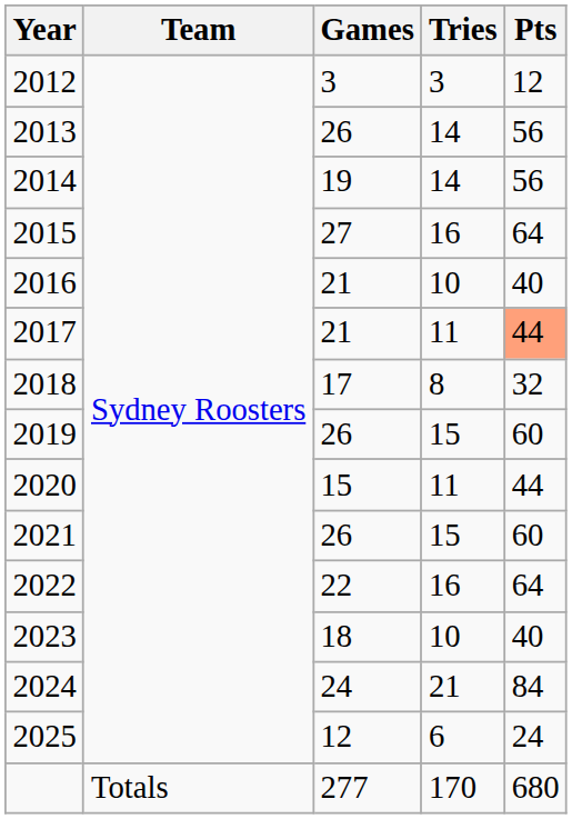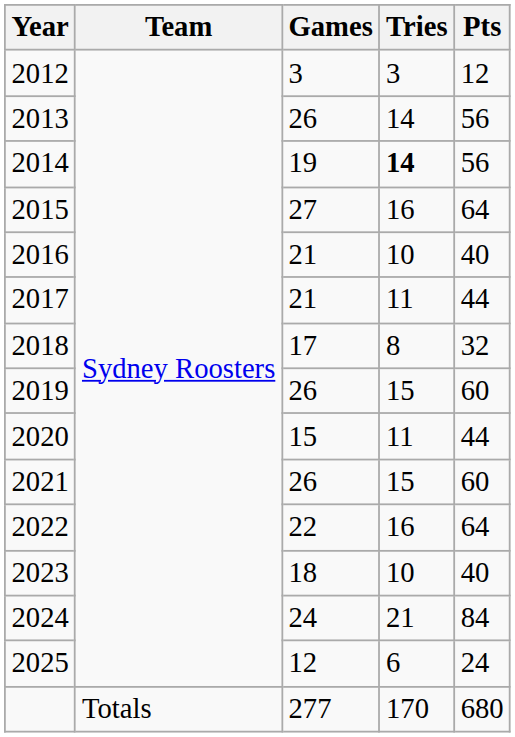 <table class="wikitable">
 <tr>
 <th>Year</th>
 <th>Team</th>
 <th>Games</th>
 <th>Tries</th>
 <th>Pts</th>
 </tr>
 <tr>
 <td>2012</td>
 <td rowspan="14"> <a href='#'>Sydney Roosters</a></td>
 <td>3</td>
 <td>3</td>
 <td>12</td>
 </tr>
 <tr>
 <td>2013</td>
 <td>26</td>
 <td>14</td>
 <td>56</td>
 </tr>
 <tr>
 <td>2014</td>
 <td>19</td>
-<td>14</td>
+<td><strong>14</strong></td>
 <td>56</td>
 </tr>
 <tr>
 <td>2015</td>
 <td>27</td>
 <td>16</td>
 <td>64</td>
 </tr>
 <tr>
 <td>2016</td>
 <td>21</td>
 <td>10</td>
 <td>40</td>
 </tr>
 <tr>
 <td>2017</td>
 <td>21</td>
 <td>11</td>
-<td style="background: lightsalmon;">44</td>
+<td>44</td>
 </tr>
 <tr>
 <td>2018</td>
 <td>17</td>
 <td>8</td>
 <td>32</td>
 </tr>
 <tr>
 <td>2019</td>
 <td>26</td>
 <td>15</td>
 <td>60</td>
 </tr>
 <tr>
 <td>2020</td>
 <td>15</td>
 <td>11</td>
 <td>44</td>
 </tr>
 <tr>
 <td>2021</td>
 <td>26</td>
 <td>15</td>
 <td>60</td>
 </tr>
 <tr>
 <td>2022</td>
 <td>22</td>
 <td>16</td>
 <td>64</td>
 </tr>
 <tr>
 <td>2023</td>
 <td>18</td>
 <td>10</td>
 <td>40</td>
 </tr>
 <tr>
 <td>2024</td>
 <td>24</td>
 <td>21</td>
 <td>84</td>
 </tr>
 <tr>
 <td>2025</td>
 <td>12</td>
 <td>6</td>
 <td>24</td>
 </tr>
 <tr>
 <td></td>
 <td>Totals</td>
 <td>277</td>
 <td>170</td>
 <td>680</td>
 </tr>
 </table>
